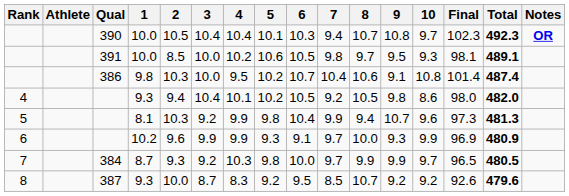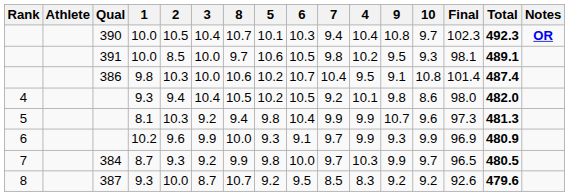 <table class="wikitable sortable">
 <tr>
 <th>Rank</th>
 <th>Athlete</th>
 <th>Qual</th>
 <th class="unsortable" style="width: 28px">1</th>
 <th class="unsortable" style="width: 28px">2</th>
 <th class="unsortable" style="width: 28px">3</th>
-<th class="unsortable" style="width: 28px">4</th>
+<th class="unsortable" style="width: 28px">8</th>
 <th class="unsortable" style="width: 28px">5</th>
 <th class="unsortable" style="width: 28px">6</th>
 <th class="unsortable" style="width: 28px">7</th>
-<th class="unsortable" style="width: 28px">8</th>
+<th class="unsortable" style="width: 28px">4</th>
 <th class="unsortable" style="width: 28px">9</th>
 <th class="unsortable" style="width: 28px">10</th>
 <th>Final</th>
 <th>Total</th>
 <th class="unsortable">Notes</th>
 </tr>
 <tr>
 <td align="center"></td>
 <td></td>
 <td align="center">390</td>
 <td align="center">10.0</td>
 <td align="center">10.5</td>
 <td align="center">10.4</td>
-<td align="center">10.4</td>
+<td align="center">10.7</td>
 <td align="center">10.1</td>
 <td align="center">10.3</td>
 <td align="center">9.4</td>
-<td align="center">10.7</td>
+<td align="center">10.4</td>
 <td align="center">10.8</td>
 <td align="center">9.7</td>
 <td align="center">102.3</td>
 <td align="center"><strong>492.3</strong></td>
 <td align="center"><strong><a href='#'>OR</a></strong></td>
 </tr>
 <tr>
 <td align="center"></td>
 <td></td>
 <td align="center">391</td>
 <td align="center">10.0</td>
 <td align="center">8.5</td>
 <td align="center">10.0</td>
-<td align="center">10.2</td>
+<td align="center">9.7</td>
 <td align="center">10.6</td>
 <td align="center">10.5</td>
 <td align="center">9.8</td>
-<td align="center">9.7</td>
+<td align="center">10.2</td>
 <td align="center">9.5</td>
 <td align="center">9.3</td>
 <td align="center">98.1</td>
 <td align="center"><strong>489.1</strong></td>
 <td></td>
 </tr>
 <tr>
 <td align="center"></td>
 <td></td>
 <td align="center">386</td>
 <td align="center">9.8</td>
 <td align="center">10.3</td>
 <td align="center">10.0</td>
-<td align="center">9.5</td>
+<td align="center">10.6</td>
 <td align="center">10.2</td>
 <td align="center">10.7</td>
 <td align="center">10.4</td>
-<td align="center">10.6</td>
+<td align="center">9.5</td>
 <td align="center">9.1</td>
 <td align="center">10.8</td>
 <td align="center">101.4</td>
 <td align="center"><strong>487.4</strong></td>
 <td></td>
 </tr>
 <tr>
 <td align="center">4</td>
 <td></td>
 <td align="center"></td>
 <td align="center">9.3</td>
 <td align="center">9.4</td>
 <td align="center">10.4</td>
-<td align="center">10.1</td>
+<td align="center">10.5</td>
 <td align="center">10.2</td>
 <td align="center">10.5</td>
 <td align="center">9.2</td>
-<td align="center">10.5</td>
+<td align="center">10.1</td>
 <td align="center">9.8</td>
 <td align="center">8.6</td>
 <td align="center">98.0</td>
 <td align="center"><strong>482.0</strong></td>
 <td></td>
 </tr>
 <tr>
 <td align="center">5</td>
 <td></td>
 <td align="center"></td>
 <td align="center">8.1</td>
 <td align="center">10.3</td>
 <td align="center">9.2</td>
-<td align="center">9.9</td>
+<td align="center">9.4</td>
 <td align="center">9.8</td>
 <td align="center">10.4</td>
 <td align="center">9.9</td>
-<td align="center">9.4</td>
+<td align="center">9.9</td>
 <td align="center">10.7</td>
 <td align="center">9.6</td>
 <td align="center">97.3</td>
 <td align="center"><strong>481.3</strong></td>
 <td></td>
 </tr>
 <tr>
 <td align="center">6</td>
 <td></td>
 <td align="center"></td>
 <td align="center">10.2</td>
 <td align="center">9.6</td>
 <td align="center">9.9</td>
-<td align="center">9.9</td>
+<td align="center">10.0</td>
 <td align="center">9.3</td>
 <td align="center">9.1</td>
 <td align="center">9.7</td>
-<td align="center">10.0</td>
+<td align="center">9.9</td>
 <td align="center">9.3</td>
 <td align="center">9.9</td>
 <td align="center">96.9</td>
 <td align="center"><strong>480.9</strong></td>
 <td></td>
 </tr>
 <tr>
 <td align="center">7</td>
 <td></td>
 <td align="center">384</td>
 <td align="center">8.7</td>
 <td align="center">9.3</td>
 <td align="center">9.2</td>
-<td align="center">10.3</td>
+<td align="center">9.9</td>
 <td align="center">9.8</td>
 <td align="center">10.0</td>
 <td align="center">9.7</td>
-<td align="center">9.9</td>
+<td align="center">10.3</td>
 <td align="center">9.9</td>
 <td align="center">9.7</td>
 <td align="center">96.5</td>
 <td align="center"><strong>480.5</strong></td>
 <td></td>
 </tr>
 <tr>
 <td align="center">8</td>
 <td></td>
 <td align="center">387</td>
 <td align="center">9.3</td>
 <td align="center">10.0</td>
 <td align="center">8.7</td>
-<td align="center">8.3</td>
+<td align="center">10.7</td>
 <td align="center">9.2</td>
 <td align="center">9.5</td>
 <td align="center">8.5</td>
-<td align="center">10.7</td>
+<td align="center">8.3</td>
 <td align="center">9.2</td>
 <td align="center">9.2</td>
 <td align="center">92.6</td>
 <td align="center"><strong>479.6</strong></td>
 <td></td>
 </tr>
 </table>
